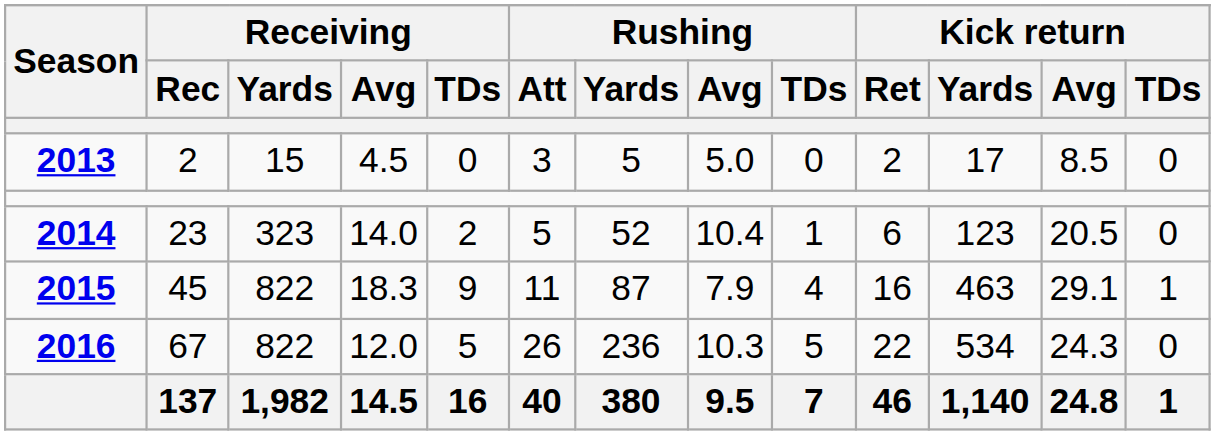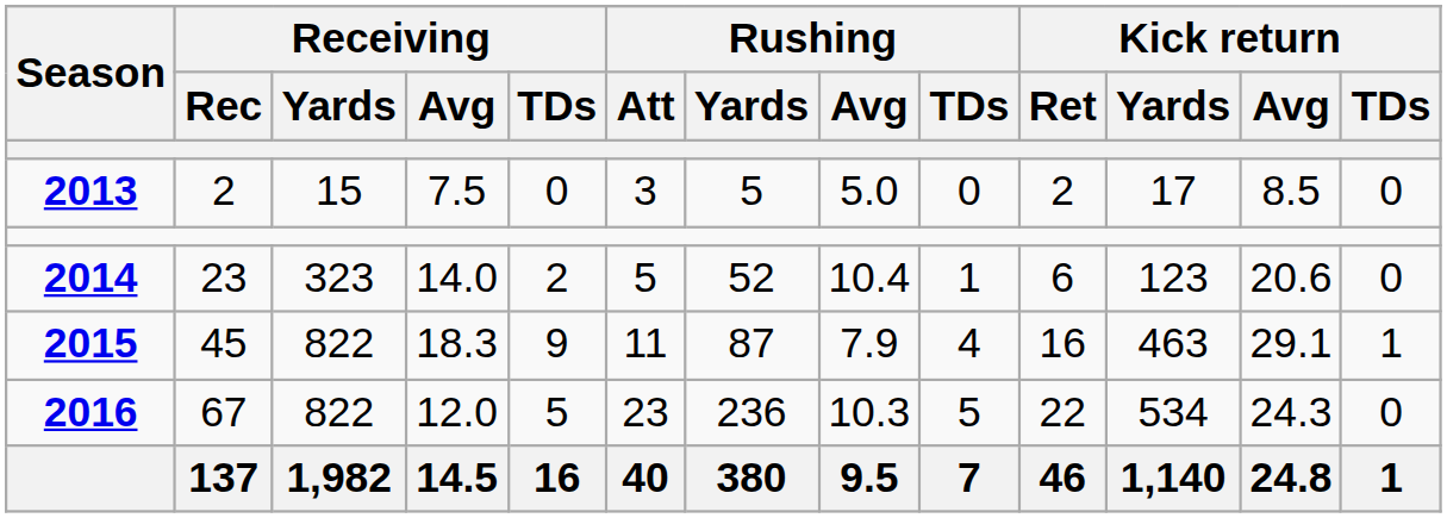 <table class=wikitable style="text-align:center;">
 <tr>
 </tr>
 <tr>
 <th rowspan=2>Season</th>
 <th colspan=4>Receiving</th>
 <th colspan=4>Rushing</th>
 <th colspan=4>Kick return</th>
 </tr>
 <tr>
 <th>Rec</th>
 <th>Yards</th>
 <th>Avg</th>
 <th>TDs</th>
 <th>Att</th>
 <th>Yards</th>
 <th>Avg</th>
 <th>TDs</th>
 <th>Ret</th>
 <th>Yards</th>
 <th>Avg</th>
 <th>TDs</th>
 </tr>
 <tr>
 <th colspan="21"></th>
 </tr>
 <tr>
 <td><strong><a href='#'>2013</a></strong></td>
 <td>2</td>
 <td>15</td>
-<td>4.5</td>
+<td>7.5</td>
 <td>0</td>
 <td>3</td>
 <td>5</td>
 <td>5.0</td>
 <td>0</td>
 <td>2</td>
 <td>17</td>
 <td>8.5</td>
 <td>0</td>
 </tr>
 <tr>
 <td ! colspan="21"></td>
 </tr>
 <tr>
 <td><strong><a href='#'>2014</a></strong></td>
 <td>23</td>
 <td>323</td>
 <td>14.0</td>
 <td>2</td>
 <td>5</td>
 <td>52</td>
 <td>10.4</td>
 <td>1</td>
 <td>6</td>
 <td>123</td>
-<td>20.5</td>
+<td>20.6</td>
 <td>0</td>
 </tr>
 <tr>
 <td><strong><a href='#'>2015</a></strong></td>
 <td>45</td>
 <td>822</td>
 <td>18.3</td>
 <td>9</td>
 <td>11</td>
 <td>87</td>
 <td>7.9</td>
 <td>4</td>
 <td>16</td>
 <td>463</td>
 <td>29.1</td>
 <td>1</td>
 </tr>
 <tr>
 <td><strong><a href='#'>2016</a></strong></td>
 <td>67</td>
 <td>822</td>
 <td>12.0</td>
 <td>5</td>
-<td>26</td>
+<td>23</td>
 <td>236</td>
 <td>10.3</td>
 <td>5</td>
 <td>22</td>
 <td>534</td>
 <td>24.3</td>
 <td>0</td>
 </tr>
 <tr>
 <th colspan=1></th>
 <th>137</th>
 <th>1,982</th>
 <th>14.5</th>
 <th>16</th>
 <th>40</th>
 <th>380</th>
 <th>9.5</th>
 <th>7</th>
 <th>46</th>
 <th>1,140</th>
 <th>24.8</th>
 <th>1</th>
 </tr>
 </table>
